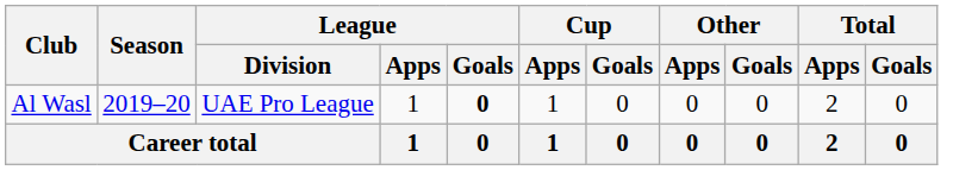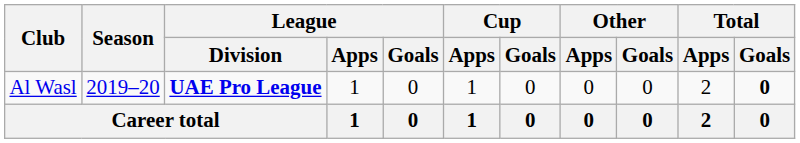 <table class=wikitable style=text-align:center>
 <tr>
 <th rowspan=2>Club</th>
 <th rowspan=2>Season</th>
 <th colspan=3>League</th>
 <th colspan=2>Cup</th>
 <th colspan=2>Other</th>
 <th colspan=2>Total</th>
 </tr>
 <tr>
 <th>Division</th>
 <th>Apps</th>
 <th>Goals</th>
 <th>Apps</th>
 <th>Goals</th>
 <th>Apps</th>
 <th>Goals</th>
 <th>Apps</th>
 <th>Goals</th>
 </tr>
 <tr>
 <td><a href='#'>Al Wasl</a></td>
 <td><a href='#'>2019–20</a></td>
-<td><a href='#'>UAE Pro League</a></td>
+<td><strong><a href='#'>UAE Pro League</a></strong></td>
 <td>1</td>
-<td><strong>0</strong></td>
+<td>0</td>
 <td>1</td>
 <td>0</td>
 <td>0</td>
 <td>0</td>
 <td>2</td>
-<td>0</td>
+<td><strong>0</strong></td>
 </tr>
 <tr>
 <th colspan=3><strong>Career total</strong></th>
 <th>1</th>
 <th>0</th>
 <th>1</th>
 <th>0</th>
 <th>0</th>
 <th>0</th>
 <th>2</th>
 <th>0</th>
 </tr>
 </table>
